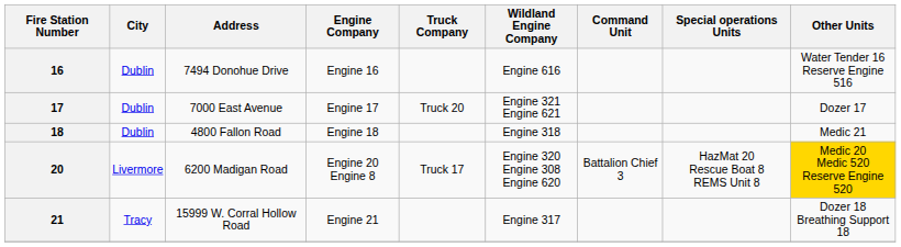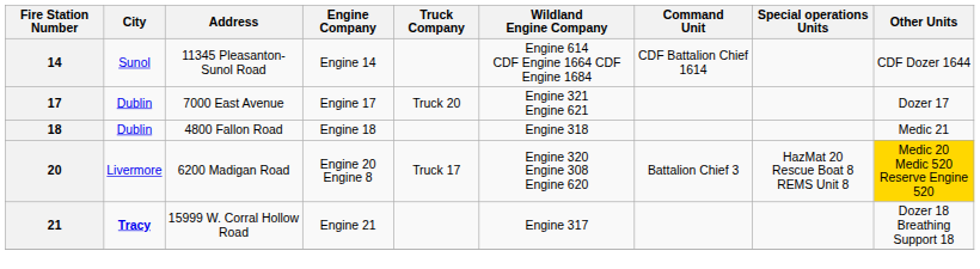 <table class="wikitable" style="text-align: center;">
 <tr>
 <th>Fire Station Number</th>
 <th>City</th>
 <th>Address</th>
 <th>Engine Company</th>
 <th>Truck Company</th>
 <th>Wildland<br>Engine Company</th>
 <th>Command<br>Unit</th>
 <th>Special operations Units</th>
 <th>Other Units</th>
 </tr>
 <tr>
-<th>16</th>
-<td><a href='#'>Dublin</a></td>
-<td>7494 Donohue Drive</td>
-<td>Engine 16</td>
+<th>14</th>
+<td><a href='#'>Sunol</a></td>
+<td>11345 Pleasanton-Sunol Road</td>
+<td>Engine 14</td>
 <td></td>
-<td>Engine 616</td>
+<td>Engine 614<br>CDF Engine 1664 CDF Engine 1684</td>
+<td>CDF Battalion Chief 1614</td>
 <td></td>
-<td></td>
-<td>Water Tender 16<br>Reserve Engine 516</td>
+<td>CDF Dozer 1644</td>
 </tr>
 <tr>
 <th>17</th>
 <td><a href='#'>Dublin</a></td>
 <td>7000 East Avenue</td>
 <td>Engine 17</td>
 <td>Truck 20</td>
 <td>Engine 321<br>Engine 621</td>
 <td></td>
 <td></td>
 <td>Dozer 17</td>
 </tr>
 <tr>
 <th>18</th>
 <td><a href='#'>Dublin</a></td>
 <td>4800 Fallon Road</td>
 <td>Engine 18</td>
 <td></td>
 <td>Engine 318</td>
 <td></td>
 <td></td>
 <td>Medic 21</td>
 </tr>
 <tr>
 <th>20</th>
 <td><a href='#'>Livermore</a></td>
 <td>6200 Madigan Road</td>
 <td>Engine 20<br>Engine 8</td>
 <td>Truck 17</td>
 <td>Engine 320<br>Engine 308<br>Engine 620</td>
 <td>Battalion Chief 3</td>
 <td>HazMat 20<br>Rescue Boat 8<br>REMS Unit 8</td>
 <td style="background: gold;">Medic 20<br>Medic 520<br>Reserve Engine 520</td>
 </tr>
 <tr>
 <th>21</th>
-<td><a href='#'>Tracy</a></td>
+<td><strong><a href='#'>Tracy</a></strong></td>
 <td>15999 W. Corral Hollow Road</td>
 <td>Engine 21</td>
 <td></td>
 <td>Engine 317</td>
 <td></td>
 <td></td>
 <td>Dozer 18<br>Breathing Support 18</td>
 </tr>
 <tr>
 </tr>
 </table>
